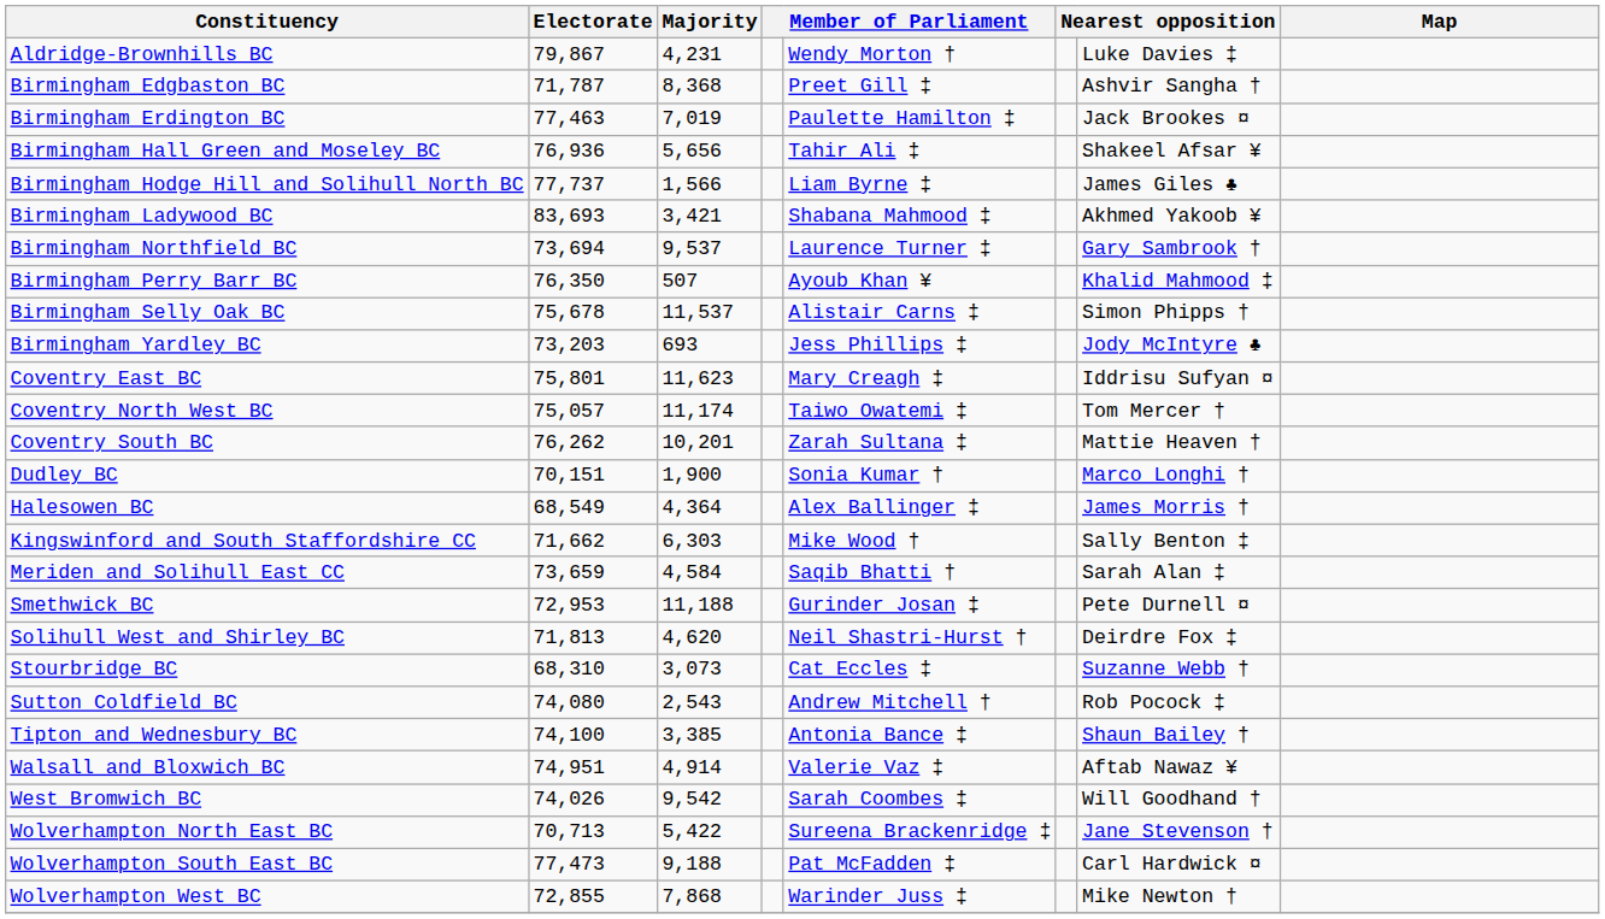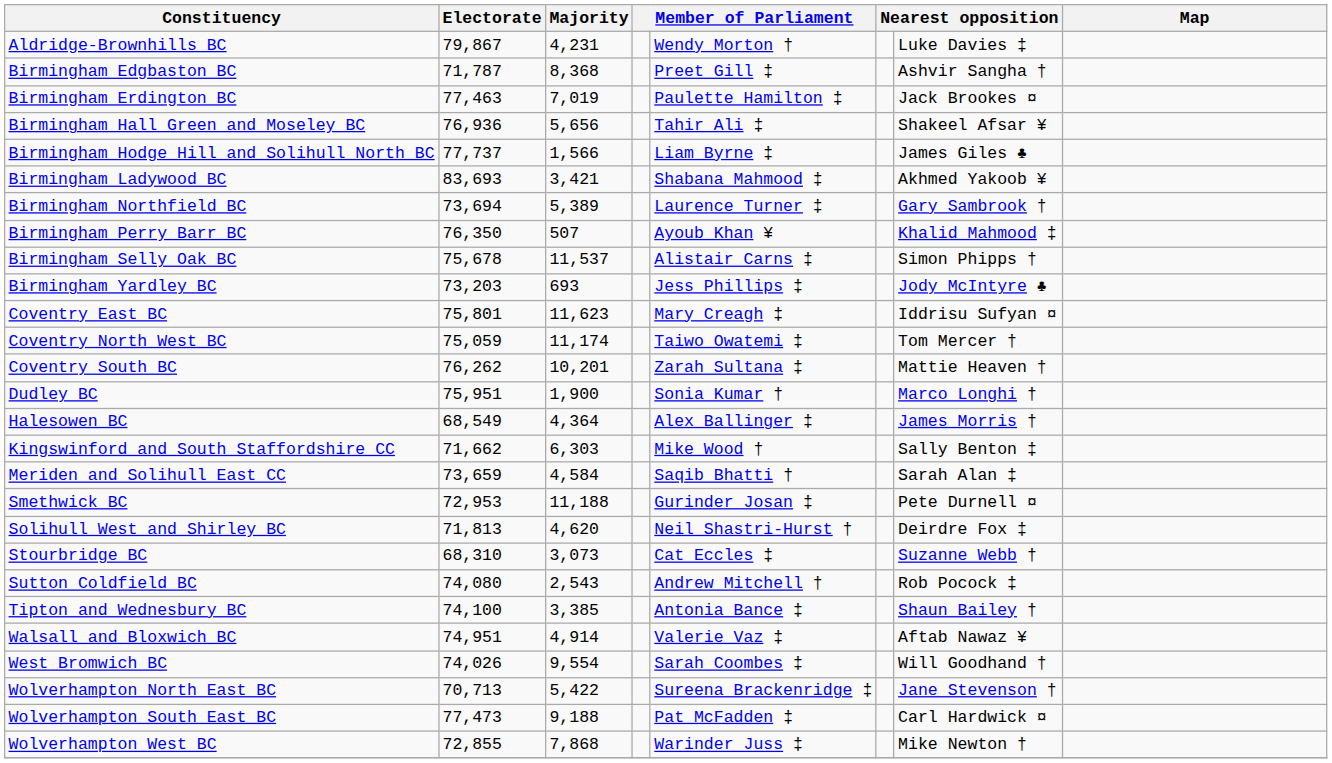 <table class="wikitable sortable">
 <tr>
 <th rowspan=1>Constituency</th>
 <th rowspan=1>Electorate</th>
 <th rowspan=1>Majority</th>
 <th colspan=2 class=unsortable><a href='#'>Member of Parliament</a></th>
 <th colspan=2 class=unsortable>Nearest opposition</th>
 <th rowspan=1 class="unsortable" style="width:20%;">Map</th>
 </tr>
 <tr>
 <td><a href='#'>Aldridge-Brownhills BC</a></td>
 <td>79,867</td>
 <td>4,231</td>
 <td style="color:inherit;background:"></td>
 <td><a href='#'>Wendy Morton</a> †</td>
 <td style="color:inherit;background:"> </td>
 <td>Luke Davies ‡</td>
 <td></td>
 </tr>
 <tr>
 <td><a href='#'>Birmingham Edgbaston BC</a></td>
 <td>71,787</td>
 <td>8,368</td>
 <td style="color:inherit;background:"> </td>
 <td><a href='#'>Preet Gill</a> ‡</td>
 <td style="color:inherit;background:"></td>
 <td>Ashvir Sangha †</td>
 <td></td>
 </tr>
 <tr>
 <td><a href='#'>Birmingham Erdington BC</a></td>
 <td>77,463</td>
 <td>7,019</td>
 <td style="color:inherit;background:"> </td>
 <td><a href='#'>Paulette Hamilton</a> ‡</td>
 <td style="color:inherit;background:"></td>
 <td>Jack Brookes ¤</td>
 <td></td>
 </tr>
 <tr>
 <td><a href='#'>Birmingham Hall Green and Moseley BC</a></td>
 <td>76,936</td>
 <td>5,656</td>
 <td style="color:inherit;background:"> </td>
 <td><a href='#'>Tahir Ali</a> ‡</td>
 <td style="color:inherit;background:"> </td>
 <td>Shakeel Afsar ¥</td>
 <td></td>
 </tr>
 <tr>
 <td><a href='#'>Birmingham Hodge Hill and Solihull North BC</a></td>
 <td>77,737</td>
 <td>1,566</td>
 <td style="color:inherit;background:"> </td>
 <td><a href='#'>Liam Byrne</a> ‡</td>
 <td style="color:inherit;background:"> </td>
 <td>James Giles ♣</td>
 <td></td>
 </tr>
 <tr>
 <td><a href='#'>Birmingham Ladywood BC</a></td>
 <td>83,693</td>
 <td>3,421</td>
 <td style="color:inherit;background:"> </td>
 <td><a href='#'>Shabana Mahmood</a> ‡</td>
 <td style="color:inherit;background:"> </td>
 <td>Akhmed Yakoob ¥</td>
 <td></td>
 </tr>
 <tr>
 <td><a href='#'>Birmingham Northfield BC</a></td>
 <td>73,694</td>
-<td>9,537</td>
+<td>5,389</td>
 <td style="color:inherit;background:"> </td>
 <td><a href='#'>Laurence Turner</a> ‡</td>
 <td style="color:inherit;background:"> </td>
 <td><a href='#'>Gary Sambrook</a> †</td>
 <td></td>
 </tr>
 <tr>
 <td><a href='#'>Birmingham Perry Barr BC</a></td>
 <td>76,350</td>
 <td>507</td>
 <td style="color:inherit;background:"> </td>
 <td><a href='#'>Ayoub Khan</a> ¥</td>
 <td style="color:inherit;background:"> </td>
 <td><a href='#'>Khalid Mahmood</a> ‡</td>
 <td></td>
 </tr>
 <tr>
 <td><a href='#'>Birmingham Selly Oak BC</a></td>
 <td>75,678</td>
 <td>11,537</td>
 <td style="color:inherit;background:"> </td>
 <td><a href='#'>Alistair Carns</a> ‡</td>
 <td style="color:inherit;background:"> </td>
 <td>Simon Phipps †</td>
 <td></td>
 </tr>
 <tr>
 <td><a href='#'>Birmingham Yardley BC</a></td>
 <td>73,203</td>
 <td>693</td>
 <td style="color:inherit;background:"> </td>
 <td><a href='#'>Jess Phillips</a> ‡</td>
 <td style="color:inherit;background:"> </td>
 <td><a href='#'>Jody McIntyre</a> ♣</td>
 <td></td>
 </tr>
 <tr>
 <td><a href='#'>Coventry East BC</a></td>
 <td>75,801</td>
 <td>11,623</td>
 <td style="color:inherit;background:"> </td>
 <td><a href='#'>Mary Creagh</a> ‡</td>
 <td style="color:inherit;background:"> </td>
 <td>Iddrisu Sufyan ¤</td>
 <td></td>
 </tr>
 <tr>
 <td><a href='#'>Coventry North West BC</a></td>
-<td>75,057</td>
+<td>75,059</td>
 <td>11,174</td>
 <td style="color:inherit;background:"> </td>
 <td><a href='#'>Taiwo Owatemi</a> ‡</td>
 <td style="color:inherit;background:"> </td>
 <td>Tom Mercer †</td>
 <td></td>
 </tr>
 <tr>
 <td><a href='#'>Coventry South BC</a></td>
 <td>76,262</td>
 <td>10,201</td>
 <td style="color:inherit;background:"> </td>
 <td><a href='#'>Zarah Sultana</a> ‡</td>
 <td style="color:inherit;background:"> </td>
 <td>Mattie Heaven †</td>
 <td></td>
 </tr>
 <tr>
 <td><a href='#'>Dudley BC</a></td>
-<td>70,151</td>
+<td>75,951</td>
 <td>1,900</td>
 <td style="color:inherit;background:"> </td>
 <td><a href='#'>Sonia Kumar</a> †</td>
 <td style="color:inherit;background:"> </td>
 <td><a href='#'>Marco Longhi</a> †</td>
 <td></td>
 </tr>
 <tr>
 <td><a href='#'>Halesowen BC</a></td>
 <td>68,549</td>
 <td>4,364</td>
 <td style="color:inherit;background:"> </td>
 <td><a href='#'>Alex Ballinger</a> ‡</td>
 <td style="color:inherit;background:"> </td>
 <td><a href='#'>James Morris</a> †</td>
 <td></td>
 </tr>
 <tr>
 <td><a href='#'>Kingswinford and South Staffordshire CC</a></td>
 <td>71,662</td>
 <td>6,303</td>
 <td style="color:inherit;background:"> </td>
 <td><a href='#'>Mike Wood</a> †</td>
 <td style="color:inherit;background:"> </td>
 <td>Sally Benton ‡</td>
 <td></td>
 </tr>
 <tr>
 <td><a href='#'>Meriden and Solihull East CC</a></td>
 <td>73,659</td>
 <td>4,584</td>
 <td style="color:inherit;background:"> </td>
 <td><a href='#'>Saqib Bhatti</a> †</td>
 <td style="color:inherit;background:"> </td>
 <td>Sarah Alan ‡</td>
 <td></td>
 </tr>
 <tr>
 <td><a href='#'>Smethwick BC</a></td>
 <td>72,953</td>
 <td>11,188</td>
 <td style="color:inherit;background:"> </td>
 <td><a href='#'>Gurinder Josan</a> ‡</td>
 <td style="color:inherit;background:"> </td>
 <td>Pete Durnell ¤</td>
 <td></td>
 </tr>
 <tr>
 <td><a href='#'>Solihull West and Shirley BC</a></td>
 <td>71,813</td>
 <td>4,620</td>
 <td style="color:inherit;background:"></td>
 <td><a href='#'>Neil Shastri-Hurst</a> †</td>
 <td style="color:inherit;background:"> </td>
 <td>Deirdre Fox ‡</td>
 <td></td>
 </tr>
 <tr>
 <td><a href='#'>Stourbridge BC</a></td>
 <td>68,310</td>
 <td>3,073</td>
 <td style="color:inherit;background:"> </td>
 <td><a href='#'>Cat Eccles</a> ‡</td>
 <td style="color:inherit;background:"> </td>
 <td><a href='#'>Suzanne Webb</a> †</td>
 <td></td>
 </tr>
 <tr>
 <td><a href='#'>Sutton Coldfield BC</a></td>
 <td>74,080</td>
 <td>2,543</td>
 <td style="color:inherit;background:"> </td>
 <td><a href='#'>Andrew Mitchell</a> †</td>
 <td style="color:inherit;background:"> </td>
 <td>Rob Pocock ‡</td>
 <td></td>
 </tr>
 <tr>
 <td><a href='#'>Tipton and Wednesbury BC</a></td>
 <td>74,100</td>
 <td>3,385</td>
 <td style="color:inherit;background:"> </td>
 <td><a href='#'>Antonia Bance</a> ‡</td>
 <td style="color:inherit;background:"> </td>
 <td><a href='#'>Shaun Bailey</a> †</td>
 <td></td>
 </tr>
 <tr>
 <td><a href='#'>Walsall and Bloxwich BC</a></td>
 <td>74,951</td>
 <td>4,914</td>
 <td style="color:inherit;background:"> </td>
 <td><a href='#'>Valerie Vaz</a> ‡</td>
 <td style="color:inherit;background:"> </td>
 <td>Aftab Nawaz ¥</td>
 <td></td>
 </tr>
 <tr>
 <td><a href='#'>West Bromwich BC</a></td>
 <td>74,026</td>
-<td>9,542</td>
+<td>9,554</td>
 <td style="color:inherit;background:"> </td>
 <td><a href='#'>Sarah Coombes</a> ‡</td>
 <td style="color:inherit;background:"> </td>
 <td>Will Goodhand †</td>
 <td></td>
 </tr>
 <tr>
 <td><a href='#'>Wolverhampton North East BC</a></td>
 <td>70,713</td>
 <td>5,422</td>
 <td style="color:inherit;background:"> </td>
 <td><a href='#'>Sureena Brackenridge</a> ‡</td>
 <td style="color:inherit;background:"> </td>
 <td><a href='#'>Jane Stevenson</a> †</td>
 <td></td>
 </tr>
 <tr>
 <td><a href='#'>Wolverhampton South East BC</a></td>
 <td>77,473</td>
 <td>9,188</td>
 <td style="color:inherit;background:"> </td>
 <td><a href='#'>Pat McFadden</a> ‡</td>
 <td style="color:inherit;background:"> </td>
 <td>Carl Hardwick ¤</td>
 <td></td>
 </tr>
 <tr>
 <td><a href='#'>Wolverhampton West BC</a></td>
 <td>72,855</td>
 <td>7,868</td>
 <td style="color:inherit;background:"> </td>
 <td><a href='#'>Warinder Juss</a> ‡</td>
 <td style="color:inherit;background:"> </td>
 <td>Mike Newton †</td>
 <td></td>
 </tr>
 <tr>
 </tr>
 </table>
